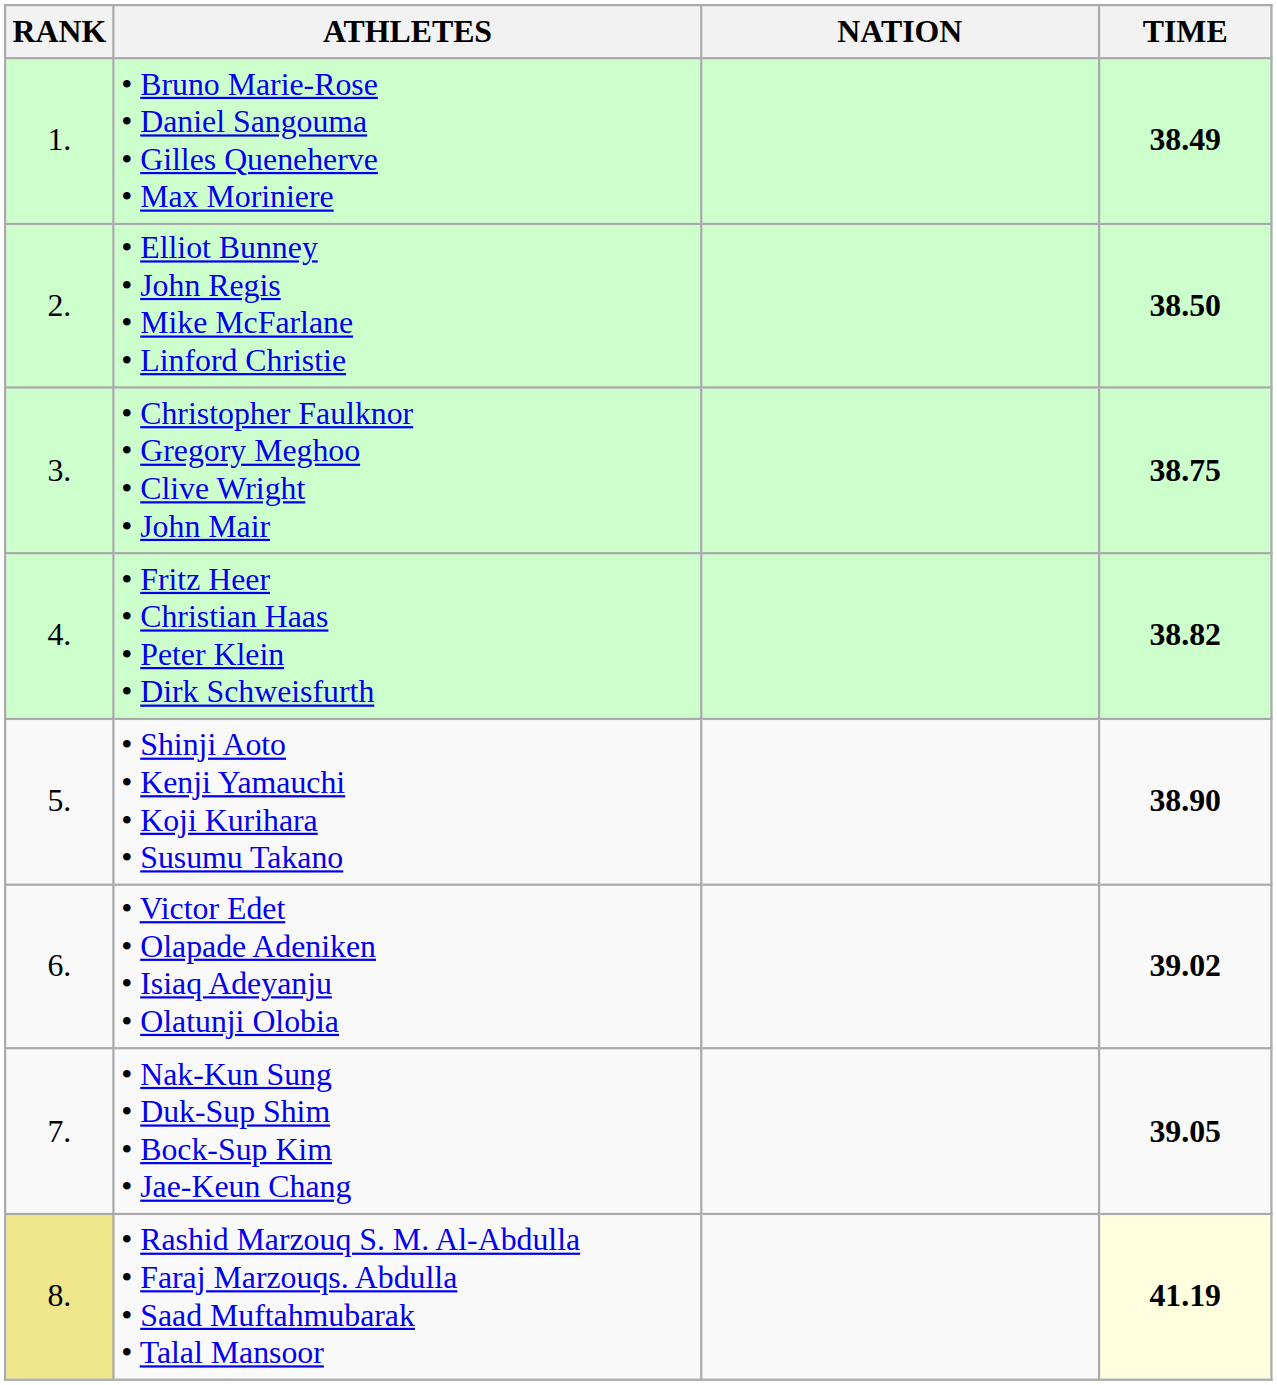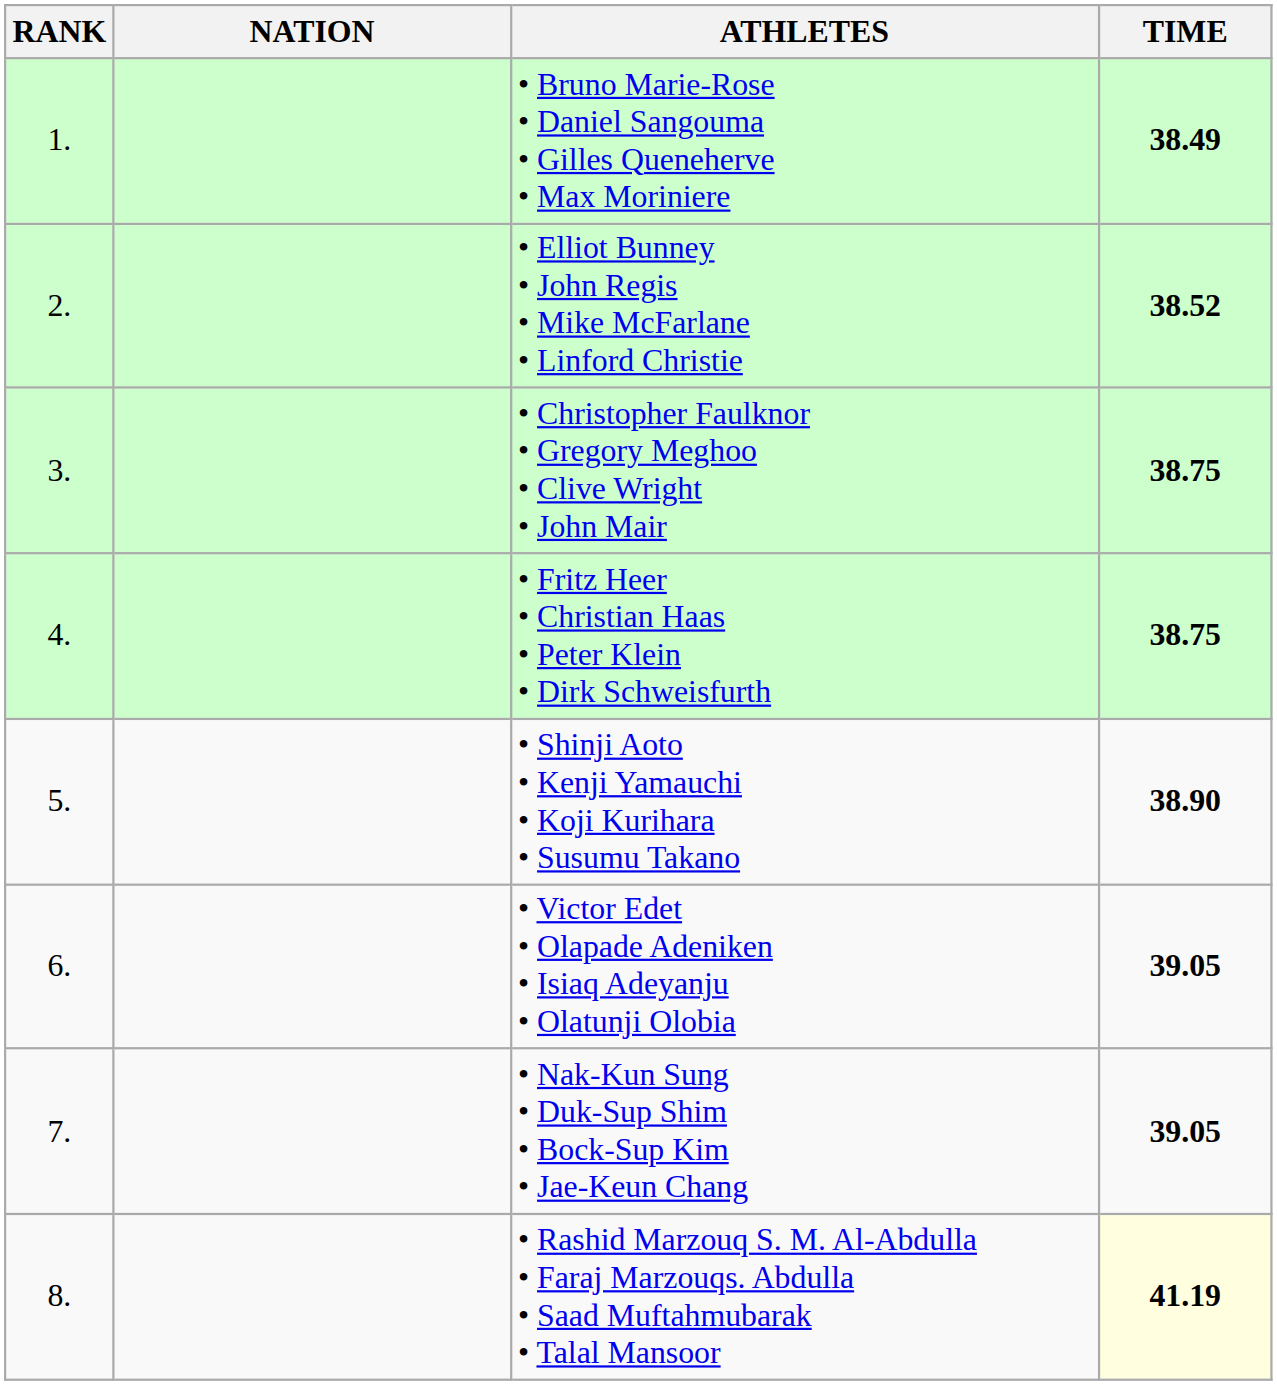 <table class="wikitable" style="border-collapse: collapse; font-size: 90%;">
 <tr>
 <th>RANK</th>
+<th style="width: 12em">NATION</th>
 <th style="width: 18em">ATHLETES</th>
-<th style="width: 12em">NATION</th>
 <th style="width: 5em">TIME</th>
 </tr>
 <tr style="background:#ccffcc;">
 <td align="center">1.</td>
+<td align="center"></td>
 <td>• <a href='#'>Bruno Marie-Rose</a><br>• <a href='#'>Daniel Sangouma</a><br>• <a href='#'>Gilles Queneherve</a><br>• <a href='#'>Max Moriniere</a></td>
-<td align="center"></td>
 <td align="center"><strong>38.49</strong></td>
 </tr>
 <tr style="background:#ccffcc;">
 <td align="center">2.</td>
+<td align="center"></td>
 <td>• <a href='#'>Elliot Bunney</a><br>• <a href='#'>John Regis</a><br>• <a href='#'>Mike McFarlane</a><br>• <a href='#'>Linford Christie</a></td>
-<td align="center"></td>
-<td align="center"><strong>38.50</strong></td>
+<td align="center"><strong>38.52</strong></td>
 </tr>
 <tr style="background:#ccffcc;">
 <td align="center">3.</td>
+<td align="center"></td>
 <td>• <a href='#'>Christopher Faulknor</a><br>• <a href='#'>Gregory Meghoo</a><br>• <a href='#'>Clive Wright</a><br>• <a href='#'>John Mair</a></td>
-<td align="center"></td>
 <td align="center"><strong>38.75</strong></td>
 </tr>
 <tr style="background:#ccffcc;">
 <td align="center">4.</td>
+<td align="center"></td>
 <td>• <a href='#'>Fritz Heer</a><br>• <a href='#'>Christian Haas</a><br>• <a href='#'>Peter Klein</a><br>• <a href='#'>Dirk Schweisfurth</a></td>
-<td align="center"></td>
-<td align="center"><strong>38.82</strong></td>
+<td align="center"><strong>38.75</strong></td>
 </tr>
 <tr>
 <td align="center">5.</td>
+<td align="center"></td>
 <td>• <a href='#'>Shinji Aoto</a><br>• <a href='#'>Kenji Yamauchi</a><br>• <a href='#'>Koji Kurihara</a><br>• <a href='#'>Susumu Takano</a></td>
-<td align="center"></td>
 <td align="center"><strong>38.90</strong></td>
 </tr>
 <tr>
 <td align="center">6.</td>
+<td align="center"></td>
 <td>• <a href='#'>Victor Edet</a><br>• <a href='#'>Olapade Adeniken</a><br>• <a href='#'>Isiaq Adeyanju</a><br>• <a href='#'>Olatunji Olobia</a></td>
-<td align="center"></td>
-<td align="center"><strong>39.02</strong></td>
+<td align="center"><strong>39.05</strong></td>
 </tr>
 <tr>
 <td align="center">7.</td>
+<td align="center"></td>
 <td>• <a href='#'>Nak-Kun Sung</a><br>• <a href='#'>Duk-Sup Shim</a><br>• <a href='#'>Bock-Sup Kim</a><br>• <a href='#'>Jae-Keun Chang</a></td>
-<td align="center"></td>
 <td align="center"><strong>39.05</strong></td>
 </tr>
 <tr>
-<td align="center" style="background: khaki;">8.</td>
+<td align="center">8.</td>
+<td align="center"></td>
 <td>• <a href='#'>Rashid Marzouq S. M. Al-Abdulla</a><br>• <a href='#'>Faraj Marzouqs. Abdulla</a><br>• <a href='#'>Saad Muftahmubarak</a><br>• <a href='#'>Talal Mansoor</a></td>
-<td align="center"></td>
 <td align="center" style="background: lightyellow;"><strong>41.19</strong></td>
 </tr>
 </table>
